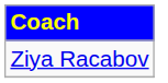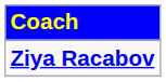 <table class="wikitable">
 <tr style= "background: #0000FF; font-weight:bold;">
 <td colspan="5"style=color:yellow>Coach</td>
 </tr>
 <tr>
-<td> <a href='#'>Ziya Racabov</a></td>
+<td><strong> <a href='#'>Ziya Racabov</a></strong></td>
 </tr>
 <tr>
 </tr>
 </table>
